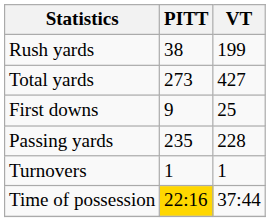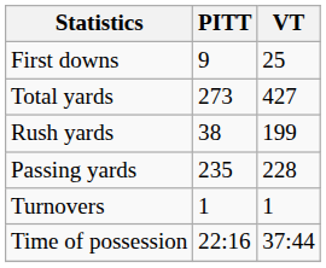 <table class="wikitable" style="float: left;">
 <tr>
 <th>Statistics</th>
 <th>PITT</th>
 <th>VT</th>
 </tr>
 <tr>
-<td>Rush yards</td>
-<td>38</td>
-<td>199</td>
+<td>First downs</td>
+<td>9</td>
+<td>25</td>
 </tr>
 <tr>
 <td>Total yards</td>
 <td>273</td>
 <td>427</td>
 </tr>
 <tr>
-<td>First downs</td>
-<td>9</td>
-<td>25</td>
+<td>Rush yards</td>
+<td>38</td>
+<td>199</td>
 </tr>
 <tr>
 <td>Passing yards</td>
 <td>235</td>
 <td>228</td>
 </tr>
 <tr>
 <td>Turnovers</td>
 <td>1</td>
 <td>1</td>
 </tr>
 <tr>
 <td>Time of possession</td>
-<td style="background: gold;">22:16</td>
+<td>22:16</td>
 <td>37:44</td>
 </tr>
 <tr>
 </tr>
 </table>
